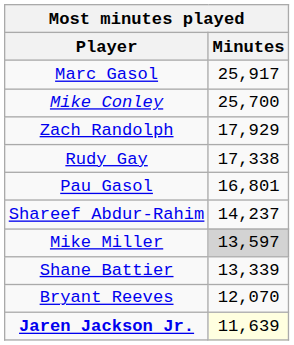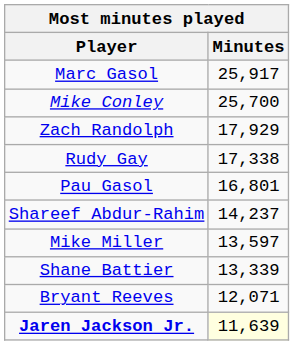 <table class="wikitable sortable" style="text-align:center">
 <tr>
 <th colspan="2" style="text-align:center; ">Most minutes played</th>
 </tr>
 <tr>
 <th style="text-align:center; ">Player</th>
 <th style="text-align:center; ">Minutes</th>
 </tr>
 <tr>
 <td><a href='#'>Marc Gasol</a></td>
 <td>25,917</td>
 </tr>
 <tr>
 <td><em><a href='#'>Mike Conley</a></em></td>
 <td>25,700</td>
 </tr>
 <tr>
 <td><a href='#'>Zach Randolph</a></td>
 <td>17,929</td>
 </tr>
 <tr>
 <td><a href='#'>Rudy Gay</a></td>
 <td>17,338</td>
 </tr>
 <tr>
 <td><a href='#'>Pau Gasol</a></td>
 <td>16,801</td>
 </tr>
 <tr>
 <td><a href='#'>Shareef Abdur-Rahim</a></td>
 <td>14,237</td>
 </tr>
 <tr>
 <td><a href='#'>Mike Miller</a></td>
-<td style="background: lightgrey;">13,597</td>
+<td>13,597</td>
 </tr>
 <tr>
 <td><a href='#'>Shane Battier</a></td>
 <td>13,339</td>
 </tr>
 <tr>
 <td><a href='#'>Bryant Reeves</a></td>
-<td>12,070</td>
+<td>12,071</td>
 </tr>
 <tr>
 <td><strong><a href='#'>Jaren Jackson Jr.</a></strong></td>
 <td style="background: lightyellow;">11,639</td>
 </tr>
 </table>
